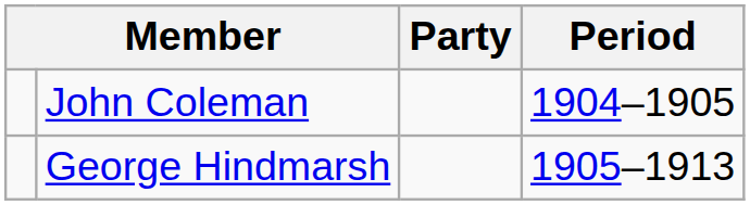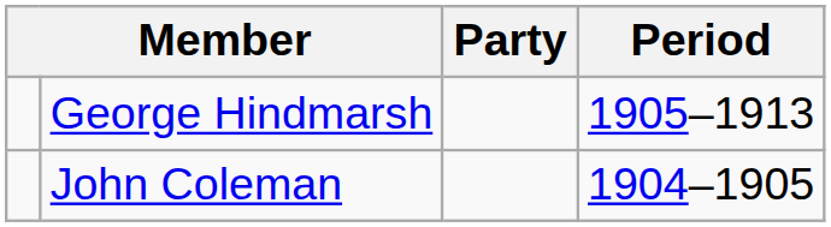 <table class="wikitable">
 <tr>
 <th colspan="2">Member</th>
 <th>Party</th>
 <th>Period</th>
 </tr>
 <tr>
 <td> </td>
+<td><a href='#'>George Hindmarsh</a></td>
+<td></td>
+<td><a href='#'>1905</a>–1913</td>
+</tr>
+<tr>
+<td> </td>
 <td><a href='#'>John Coleman</a></td>
 <td></td>
 <td><a href='#'>1904</a>–1905</td>
 </tr>
-<tr>
-<td> </td>
-<td><a href='#'>George Hindmarsh</a></td>
-<td></td>
-<td><a href='#'>1905</a>–1913</td>
-</tr>
 </table>
